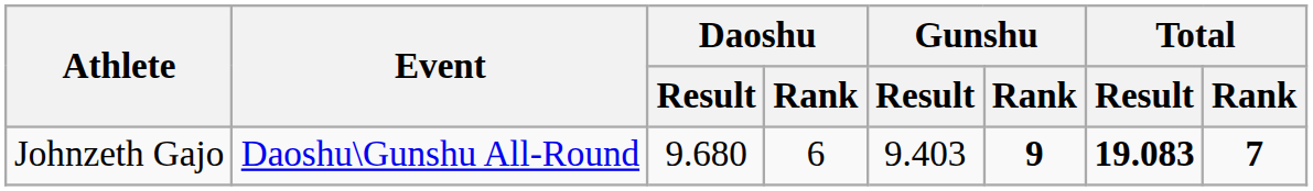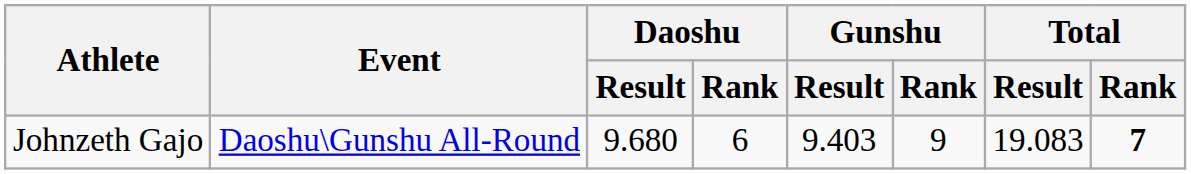 <table class=wikitable style="font-size:90%">
 <tr>
 <th rowspan=2>Athlete</th>
 <th rowspan=2>Event</th>
 <th colspan=2>Daoshu</th>
 <th colspan=2>Gunshu</th>
 <th colspan=2>Total</th>
 </tr>
 <tr>
 <th>Result</th>
 <th>Rank</th>
 <th>Result</th>
 <th>Rank</th>
 <th>Result</th>
 <th>Rank</th>
 </tr>
 <tr>
 <td>Johnzeth Gajo</td>
 <td><a href='#'>Daoshu\Gunshu All-Round</a></td>
 <td align=center>9.680</td>
 <td align=center>6</td>
 <td align=center>9.403</td>
-<td align=center><strong>9</strong></td>
-<td align=center><strong>19.083</strong></td>
+<td align=center>9</td>
+<td align=center>19.083</td>
 <td align=center><strong>7</strong></td>
 </tr>
 </table>
